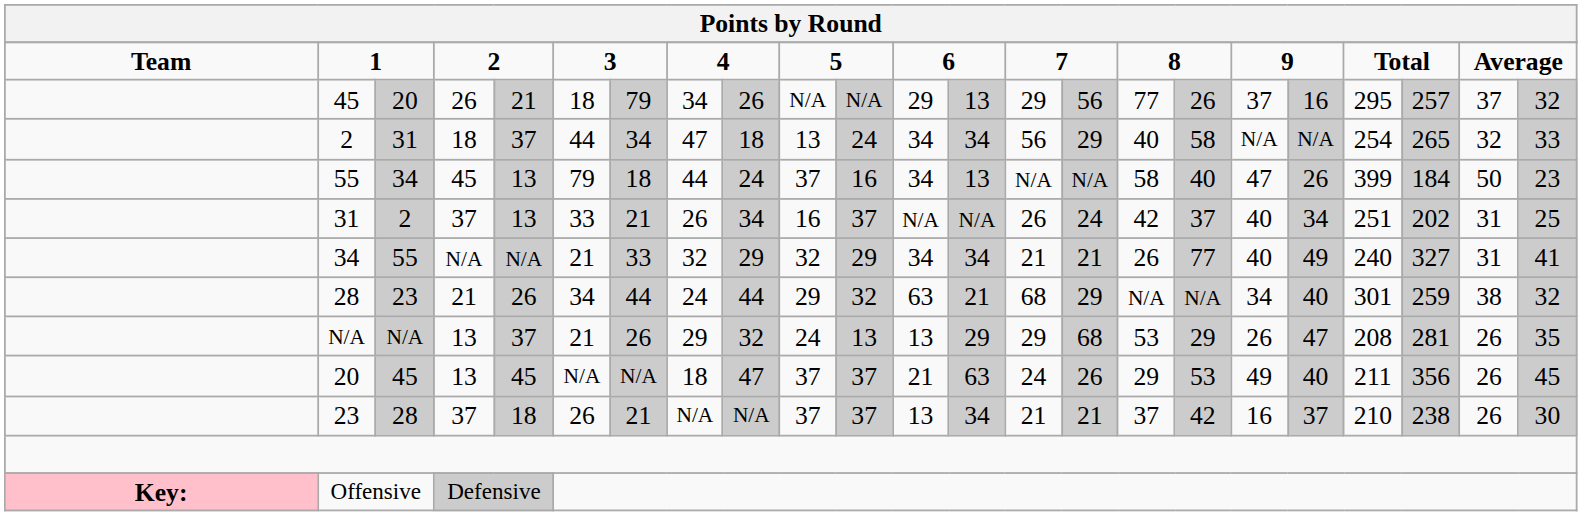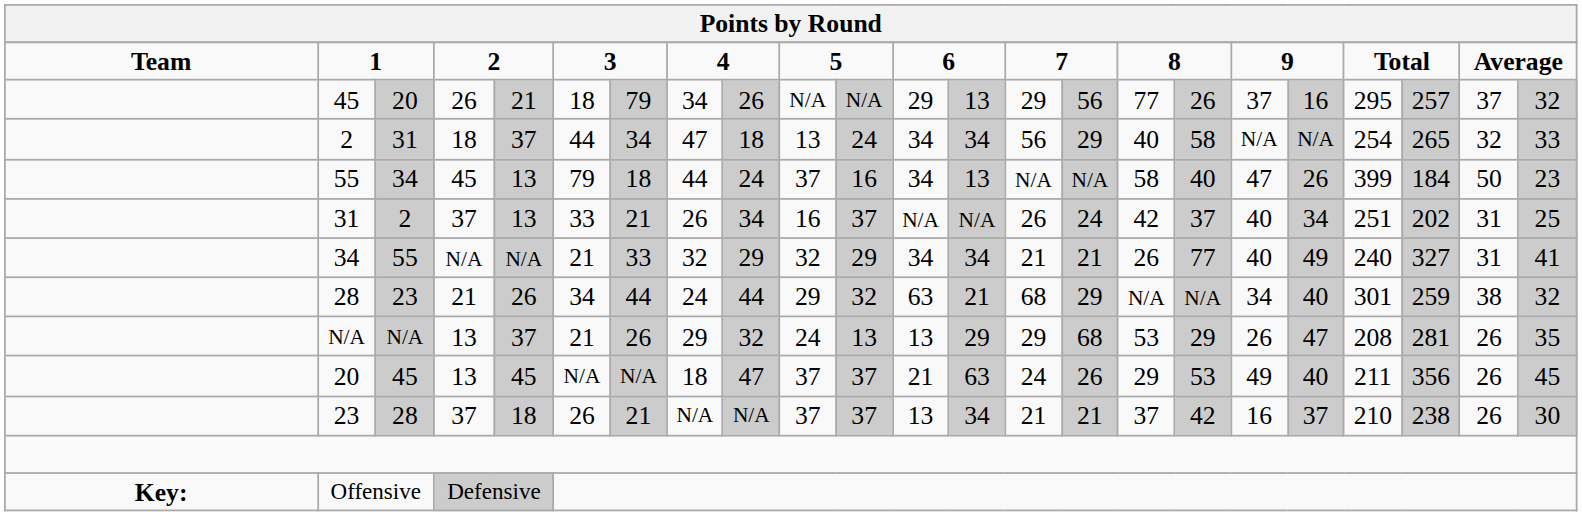 <table class="wikitable collapsible collapsed" style="text-align:center; line-height:100%; width:100%; font-size:90%">
 <tr>
 <th colspan="100%">Points by Round</th>
 </tr>
 <tr>
 </tr>
 <tr>
 <td><strong>Team</strong></td>
 <td colspan=2><strong>1</strong></td>
 <td colspan=2><strong>2</strong></td>
 <td colspan=2><strong>3</strong></td>
 <td colspan=2><strong>4</strong></td>
 <td colspan=2><strong>5</strong></td>
 <td colspan=2><strong>6</strong></td>
 <td colspan=2><strong>7</strong></td>
 <td colspan=2><strong>8</strong></td>
 <td colspan=2><strong>9</strong></td>
 <td colspan=2><strong>Total</strong></td>
 <td colspan=2><strong>Average</strong></td>
 </tr>
 <tr>
 <td style="width:16%; text-align:left;"></td>
 <td width=2%> 45</td>
 <td style="width:2%; background:#ccc;">20</td>
 <td width=2%> 26</td>
 <td style="width:2%; background:#ccc;">21</td>
 <td width=2%> 18</td>
 <td style="width:2%; background:#ccc;">79</td>
 <td width=2%> 34</td>
 <td style="width:2%; background:#ccc;">26</td>
 <td width=2%> <small>N/A</small></td>
 <td style="width:2%; background:#ccc;"><small>N/A</small></td>
 <td width=2%>29</td>
 <td style="width:2%; background:#ccc;">13</td>
 <td width=2%>29</td>
 <td style="width:2%; background:#ccc;">56</td>
 <td width=2%>77</td>
 <td style="width:2%; background:#ccc;">26</td>
 <td width=2%>37</td>
 <td style="width:2%; background:#ccc;">16</td>
 <td width=2%>295</td>
 <td style="width:2%; background:#ccc;">257</td>
 <td width=2%>37</td>
 <td style="width:2%; background:#ccc;">32</td>
 </tr>
 <tr>
 <td align=left></td>
 <td>2</td>
 <td style="background:#ccc;">31</td>
 <td>18</td>
 <td style="background:#ccc;">37</td>
 <td>44</td>
 <td style="background:#ccc;">34</td>
 <td>47</td>
 <td style="background:#ccc;">18</td>
 <td>13</td>
 <td style="background:#ccc;">24</td>
 <td>34</td>
 <td style="background:#ccc;">34</td>
 <td>56</td>
 <td style="background:#ccc;">29</td>
 <td>40</td>
 <td style="background:#ccc;">58</td>
 <td> <small>N/A</small></td>
 <td style="background:#ccc;"><small>N/A</small></td>
 <td>254</td>
 <td style="background:#ccc;">265</td>
 <td>32</td>
 <td style="background:#ccc;">33</td>
 </tr>
 <tr>
 <td align=left></td>
 <td> 55</td>
 <td style="background:#ccc;">34</td>
 <td> 45</td>
 <td style="background:#ccc;">13</td>
 <td> 79</td>
 <td style="background:#ccc;">18</td>
 <td> 44</td>
 <td style="background:#ccc;">24</td>
 <td> 37</td>
 <td style="background:#ccc;">16</td>
 <td> 34</td>
 <td style="background:#ccc;">13</td>
 <td> <small>N/A</small></td>
 <td style="background:#ccc;"><small>N/A</small></td>
 <td> 58</td>
 <td style="background:#ccc;">40</td>
 <td> 47</td>
 <td style="background:#ccc;">26</td>
 <td>399</td>
 <td style="background:#ccc;">184</td>
 <td>50</td>
 <td style="background:#ccc;">23</td>
 </tr>
 <tr>
 <td align=left></td>
 <td> 31</td>
 <td style="background:#ccc;">2</td>
 <td> 37</td>
 <td style="background:#ccc;">13</td>
 <td> 33</td>
 <td style="background:#ccc;">21</td>
 <td> 26</td>
 <td style="background:#ccc;">34</td>
 <td> 16</td>
 <td style="background:#ccc;">37</td>
 <td> <small>N/A</small></td>
 <td style="background:#ccc;"><small>N/A</small></td>
 <td>26</td>
 <td style="background:#ccc;">24</td>
 <td>42</td>
 <td style="background:#ccc;">37</td>
 <td>40</td>
 <td style="background:#ccc;">34</td>
 <td>251</td>
 <td style="background:#ccc;">202</td>
 <td>31</td>
 <td style="background:#ccc;">25</td>
 </tr>
 <tr>
 <td align=left></td>
 <td> 34</td>
 <td style="background:#ccc;">55</td>
 <td> <small>N/A</small></td>
 <td style="background:#ccc;"><small>N/A</small></td>
 <td> 21</td>
 <td style="background:#ccc;">33</td>
 <td> 32</td>
 <td style="background:#ccc;">29</td>
 <td> 32</td>
 <td style="background:#ccc;">29</td>
 <td> 34</td>
 <td style="background:#ccc;">34</td>
 <td> 21</td>
 <td style="background:#ccc;">21</td>
 <td> 26</td>
 <td style="background:#ccc;">77</td>
 <td> 40</td>
 <td style="background:#ccc;">49</td>
 <td>240</td>
 <td style="background:#ccc;">327</td>
 <td>31</td>
 <td style="background:#ccc;">41</td>
 </tr>
 <tr>
 <td align=left></td>
 <td>28</td>
 <td style="background:#ccc;">23</td>
 <td>21</td>
 <td style="background:#ccc;">26</td>
 <td>34</td>
 <td style="background:#ccc;">44</td>
 <td>24</td>
 <td style="background:#ccc;">44</td>
 <td>29</td>
 <td style="background:#ccc;">32</td>
 <td>63</td>
 <td style="background:#ccc;">21</td>
 <td>68</td>
 <td style="background:#ccc;">29</td>
 <td> <small>N/A</small></td>
 <td style="background:#ccc;"><small>N/A</small></td>
 <td>34</td>
 <td style="background:#ccc;">40</td>
 <td>301</td>
 <td style="background:#ccc;">259</td>
 <td>38</td>
 <td style="background:#ccc;">32</td>
 </tr>
 <tr>
 <td align=left></td>
 <td><small>N/A</small></td>
 <td style="background:#ccc;"><small>N/A</small></td>
 <td>13</td>
 <td style="background:#ccc;">37</td>
 <td>21</td>
 <td style="background:#ccc;">26</td>
 <td>29</td>
 <td style="background:#ccc;">32</td>
 <td>24</td>
 <td style="background:#ccc;">13</td>
 <td>13</td>
 <td style="background:#ccc;">29</td>
 <td>29</td>
 <td style="background:#ccc;">68</td>
 <td>53</td>
 <td style="background:#ccc;">29</td>
 <td>26</td>
 <td style="background:#ccc;">47</td>
 <td>208</td>
 <td style="background:#ccc;">281</td>
 <td>26</td>
 <td style="background:#ccc;">35</td>
 </tr>
 <tr>
 <td align=left></td>
 <td> 20</td>
 <td style="background:#ccc;">45</td>
 <td> 13</td>
 <td style="background:#ccc;">45</td>
 <td> <small>N/A</small></td>
 <td style="background:#ccc;"><small>N/A</small></td>
 <td> 18</td>
 <td style="background:#ccc;">47</td>
 <td> 37</td>
 <td style="background:#ccc;">37</td>
 <td> 21</td>
 <td style="background:#ccc;">63</td>
 <td> 24</td>
 <td style="background:#ccc;">26</td>
 <td> 29</td>
 <td style="background:#ccc;">53</td>
 <td> 49</td>
 <td style="background:#ccc;">40</td>
 <td>211</td>
 <td style="background:#ccc;">356</td>
 <td>26</td>
 <td style="background:#ccc;">45</td>
 </tr>
 <tr>
 <td align=left></td>
 <td> 23</td>
 <td style="background:#ccc;">28</td>
 <td> 37</td>
 <td style="background:#ccc;">18</td>
 <td> 26</td>
 <td style="background:#ccc;">21</td>
 <td> <small>N/A</small></td>
 <td style="background:#ccc;"><small>N/A</small></td>
 <td> 37</td>
 <td style="background:#ccc;">37</td>
 <td> 13</td>
 <td style="background:#ccc;">34</td>
 <td> 21</td>
 <td style="background:#ccc;">21</td>
 <td> 37</td>
 <td style="background:#ccc;">42</td>
 <td> 16</td>
 <td style="background:#ccc;">37</td>
 <td>210</td>
 <td style="background:#ccc;">238</td>
 <td>26</td>
 <td style="background:#ccc;">30</td>
 </tr>
 <tr>
 <td colspan="100%" style="text-align:center;"><br></td>
 </tr>
 <tr>
-<td style="background: pink;"><strong>Key:</strong></td>
+<td><strong>Key:</strong></td>
 <td colspan=2 style="text-align:center; font-size:90%">Offensive</td>
 <td colspan=2 style="background:#ccc; text-align:center; font-size:90%">Defensive</td>
 </tr>
 </table>
